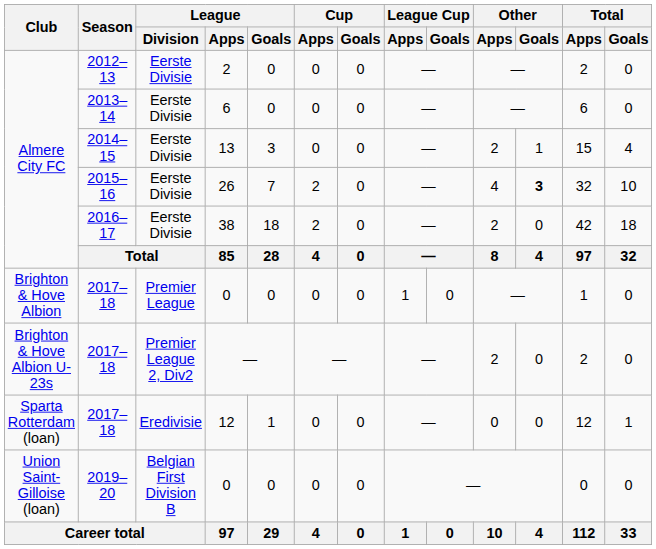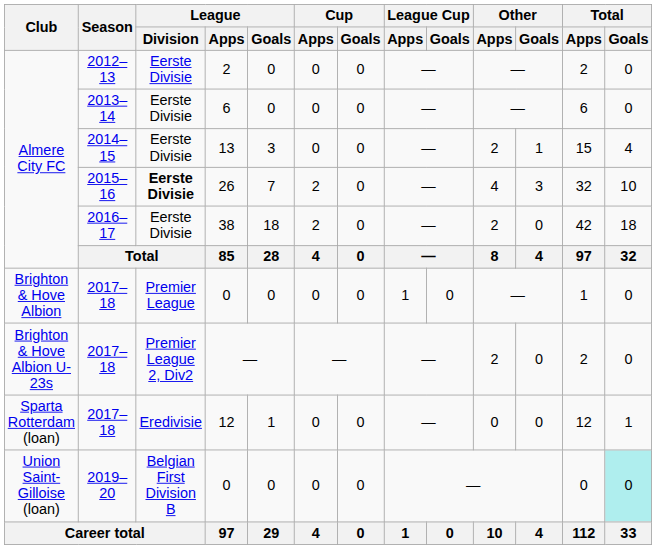 <table class="wikitable" style="text-align: center">
 <tr>
 <th rowspan=2>Club</th>
 <th rowspan=2>Season</th>
 <th colspan=3>League</th>
 <th colspan=2>Cup</th>
 <th colspan=2>League Cup</th>
 <th colspan=2>Other</th>
 <th colspan=2>Total</th>
 </tr>
 <tr>
 <th>Division</th>
 <th>Apps</th>
 <th>Goals</th>
 <th>Apps</th>
 <th>Goals</th>
 <th>Apps</th>
 <th>Goals</th>
 <th>Apps</th>
 <th>Goals</th>
 <th>Apps</th>
 <th>Goals</th>
 </tr>
 <tr>
 <td rowspan=6><a href='#'>Almere City FC</a></td>
 <td><a href='#'>2012–13</a></td>
 <td><a href='#'>Eerste Divisie</a></td>
 <td>2</td>
 <td>0</td>
 <td>0</td>
 <td>0</td>
 <td colspan="2">—</td>
 <td colspan="2">—</td>
 <td>2</td>
 <td>0</td>
 </tr>
 <tr>
 <td><a href='#'>2013–14</a></td>
 <td>Eerste Divisie</td>
 <td>6</td>
 <td>0</td>
 <td>0</td>
 <td>0</td>
 <td colspan="2">—</td>
 <td colspan="2">—</td>
 <td>6</td>
 <td>0</td>
 </tr>
 <tr>
 <td><a href='#'>2014–15</a></td>
 <td>Eerste Divisie</td>
 <td>13</td>
 <td>3</td>
 <td>0</td>
 <td>0</td>
 <td colspan="2">—</td>
 <td>2</td>
 <td>1</td>
 <td>15</td>
 <td>4</td>
 </tr>
 <tr>
 <td><a href='#'>2015–16</a></td>
-<td>Eerste Divisie</td>
+<td><strong>Eerste Divisie</strong></td>
 <td>26</td>
 <td>7</td>
 <td>2</td>
 <td>0</td>
 <td colspan="2">—</td>
 <td>4</td>
-<td><strong>3</strong></td>
+<td>3</td>
 <td>32</td>
 <td>10</td>
 </tr>
 <tr>
 <td><a href='#'>2016–17</a></td>
 <td>Eerste Divisie</td>
 <td>38</td>
 <td>18</td>
 <td>2</td>
 <td>0</td>
 <td colspan="2">—</td>
 <td>2</td>
 <td>0</td>
 <td>42</td>
 <td>18</td>
 </tr>
 <tr>
 <th colspan=2>Total</th>
 <th>85</th>
 <th>28</th>
 <th>4</th>
 <th>0</th>
 <th colspan="2">—</th>
 <th>8</th>
 <th>4</th>
 <th>97</th>
 <th>32</th>
 </tr>
 <tr>
 <td><a href='#'>Brighton & Hove Albion</a></td>
 <td><a href='#'>2017–18</a></td>
 <td><a href='#'>Premier League</a></td>
 <td>0</td>
 <td>0</td>
 <td>0</td>
 <td>0</td>
 <td>1</td>
 <td>0</td>
 <td colspan="2">—</td>
 <td>1</td>
 <td>0</td>
 </tr>
 <tr>
 <td><a href='#'>Brighton & Hove Albion U-23s</a></td>
 <td><a href='#'>2017–18</a></td>
 <td><a href='#'>Premier League 2, Div2</a></td>
 <td colspan="2">—</td>
 <td colspan="2">—</td>
 <td colspan="2">—</td>
 <td>2</td>
 <td>0</td>
 <td>2</td>
 <td>0</td>
 </tr>
 <tr>
 <td><a href='#'>Sparta Rotterdam</a> (loan)</td>
 <td><a href='#'>2017–18</a></td>
 <td><a href='#'>Eredivisie</a></td>
 <td>12</td>
 <td>1</td>
 <td>0</td>
 <td>0</td>
 <td colspan="2">—</td>
 <td>0</td>
 <td>0</td>
 <td>12</td>
 <td>1</td>
 </tr>
 <tr>
 <td><a href='#'>Union Saint-Gilloise</a> (loan)</td>
 <td><a href='#'>2019–20</a></td>
 <td><a href='#'>Belgian First Division B</a></td>
 <td>0</td>
 <td>0</td>
 <td>0</td>
 <td>0</td>
 <td colspan="4">—</td>
 <td>0</td>
-<td>0</td>
+<td style="background: paleturquoise;">0</td>
 </tr>
 <tr>
 <th colspan=3>Career total</th>
 <th>97</th>
 <th>29</th>
 <th>4</th>
 <th>0</th>
 <th>1</th>
 <th>0</th>
 <th>10</th>
 <th>4</th>
 <th>112</th>
 <th>33</th>
 </tr>
 </table>
